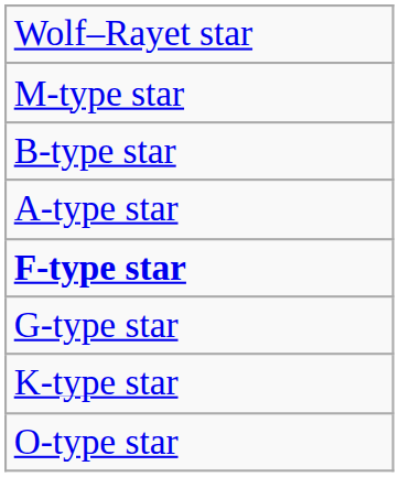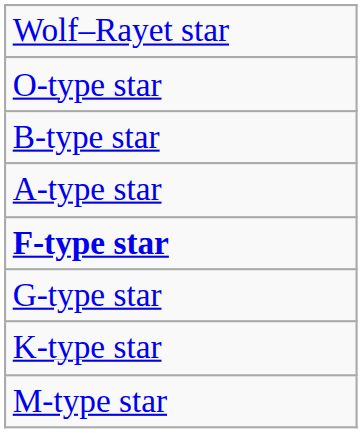 <table class="wikitable floatright" style="width: 170px;">
 <tr>
 <td style="background: "><a href='#'>Wolf–Rayet star</a></td>
 </tr>
 <tr>
-<td style="background: "><a href='#'>M-type star</a></td>
+<td style="background: "><a href='#'>O-type star</a></td>
 </tr>
 <tr>
 <td style="background: "><a href='#'>B-type star</a></td>
 </tr>
 <tr>
 <td style="background: "><a href='#'>A-type star</a></td>
 </tr>
 <tr>
 <td style="background: "><strong><a href='#'>F-type star</a></strong></td>
 </tr>
 <tr>
 <td style="background: "><a href='#'>G-type star</a></td>
 </tr>
 <tr>
 <td style="background: "><a href='#'>K-type star</a></td>
 </tr>
 <tr>
-<td style="background: "><a href='#'>O-type star</a></td>
+<td style="background: "><a href='#'>M-type star</a></td>
 </tr>
 </table>
